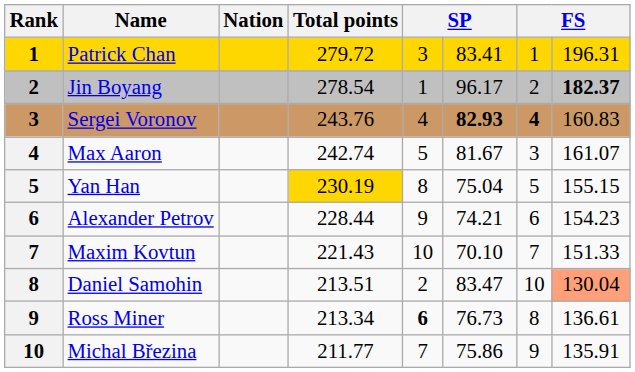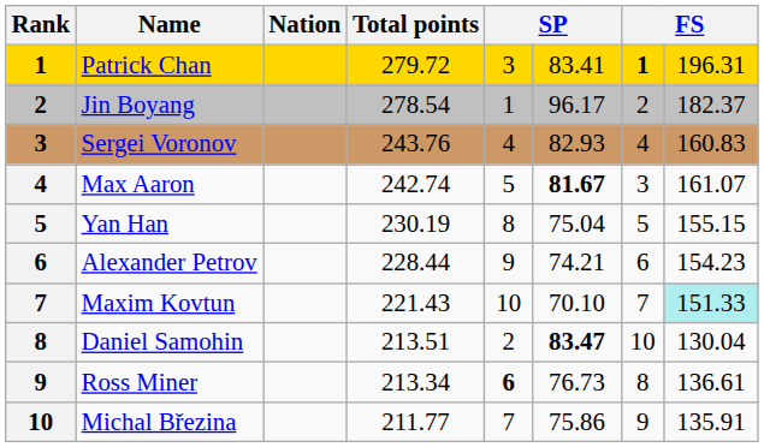 <table class="wikitable sortable">
 <tr>
 <th>Rank</th>
 <th>Name</th>
 <th>Nation</th>
 <th>Total points</th>
 <th colspan="2" width="80px"><a href='#'>SP</a></th>
 <th colspan="2" width="80px"><a href='#'>FS</a></th>
 </tr>
 <tr bgcolor="gold">
 <td align="center"><strong>1</strong></td>
 <td><a href='#'>Patrick Chan</a></td>
 <td></td>
 <td align="center">279.72</td>
 <td align="center">3</td>
 <td align="center">83.41</td>
-<td align="center">1</td>
+<td align="center"><strong>1</strong></td>
 <td align="center">196.31</td>
 </tr>
 <tr bgcolor="silver">
 <td align="center"><strong>2</strong></td>
 <td><a href='#'>Jin Boyang</a></td>
 <td></td>
 <td align="center">278.54</td>
 <td align="center">1</td>
 <td align="center">96.17</td>
 <td align="center">2</td>
-<td align="center"><strong>182.37</strong></td>
+<td align="center">182.37</td>
 </tr>
 <tr bgcolor="cc9966">
 <td align="center"><strong>3</strong></td>
 <td><a href='#'>Sergei Voronov</a></td>
 <td></td>
 <td align="center">243.76</td>
 <td align="center">4</td>
-<td align="center"><strong>82.93</strong></td>
-<td align="center"><strong>4</strong></td>
+<td align="center">82.93</td>
+<td align="center">4</td>
 <td align="center">160.83</td>
 </tr>
 <tr>
 <th>4</th>
 <td><a href='#'>Max Aaron</a></td>
 <td></td>
 <td align="center">242.74</td>
 <td align="center">5</td>
-<td align="center">81.67</td>
+<td align="center"><strong>81.67</strong></td>
 <td align="center">3</td>
 <td align="center">161.07</td>
 </tr>
 <tr>
 <th>5</th>
 <td><a href='#'>Yan Han</a></td>
 <td></td>
-<td align="center" style="background: gold;">230.19</td>
+<td align="center">230.19</td>
 <td align="center">8</td>
 <td align="center">75.04</td>
 <td align="center">5</td>
 <td align="center">155.15</td>
 </tr>
 <tr>
 <th>6</th>
 <td><a href='#'>Alexander Petrov</a></td>
 <td></td>
 <td align="center">228.44</td>
 <td align="center">9</td>
 <td align="center">74.21</td>
 <td align="center">6</td>
 <td align="center">154.23</td>
 </tr>
 <tr>
 <th>7</th>
 <td><a href='#'>Maxim Kovtun</a></td>
 <td></td>
 <td align="center">221.43</td>
 <td align="center">10</td>
 <td align="center">70.10</td>
 <td align="center">7</td>
-<td align="center">151.33</td>
+<td align="center" style="background: paleturquoise;">151.33</td>
 </tr>
 <tr>
 <th>8</th>
 <td><a href='#'>Daniel Samohin</a></td>
 <td></td>
 <td align="center">213.51</td>
 <td align="center">2</td>
-<td align="center">83.47</td>
+<td align="center"><strong>83.47</strong></td>
 <td align="center">10</td>
-<td align="center" style="background: lightsalmon;">130.04</td>
+<td align="center">130.04</td>
 </tr>
 <tr>
 <th>9</th>
 <td><a href='#'>Ross Miner</a></td>
 <td></td>
 <td align="center">213.34</td>
 <td align="center"><strong>6</strong></td>
 <td align="center">76.73</td>
 <td align="center">8</td>
 <td align="center">136.61</td>
 </tr>
 <tr>
 <th>10</th>
 <td><a href='#'>Michal Březina</a></td>
 <td></td>
 <td align="center">211.77</td>
 <td align="center">7</td>
 <td align="center">75.86</td>
 <td align="center">9</td>
 <td align="center">135.91</td>
 </tr>
 </table>
